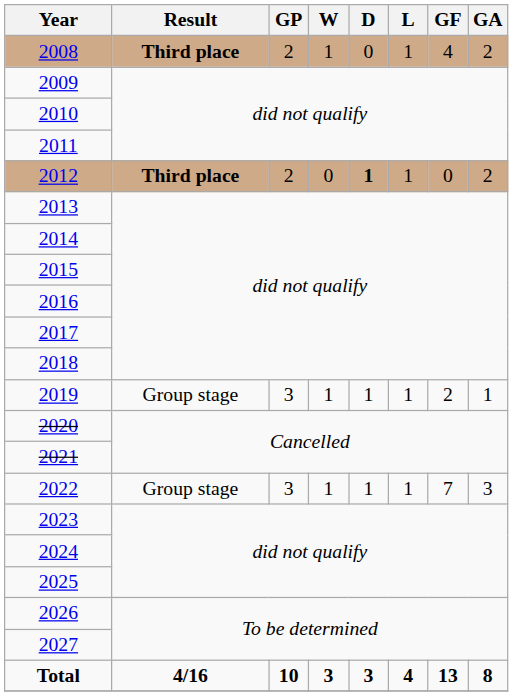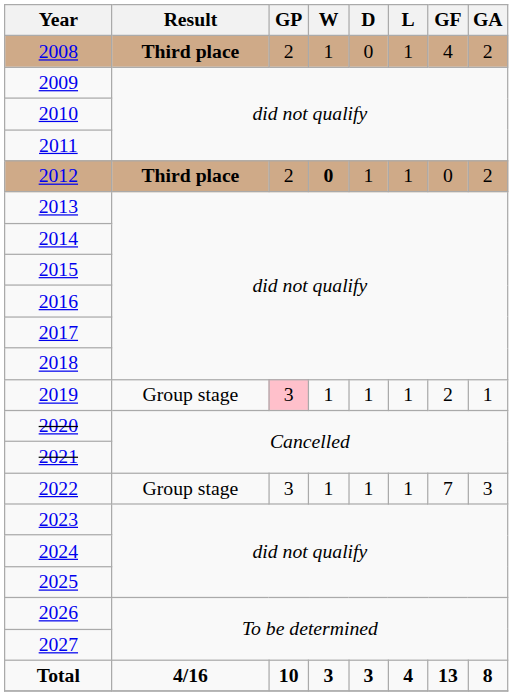 <table class="wikitable" style="text-align: center;">
 <tr>
 <th width=80>Year</th>
 <th width=120>Result</th>
 <th width=25>GP</th>
 <th width=25>W</th>
 <th width=25>D</th>
 <th width=25>L</th>
 <th width=25>GF</th>
 <th width=25>GA</th>
 </tr>
 <tr style="background:#cfaa88;">
 <td> <a href='#'>2008</a></td>
 <td><strong>Third place</strong></td>
 <td>2</td>
 <td>1</td>
 <td>0</td>
 <td>1</td>
 <td>4</td>
 <td>2</td>
 </tr>
 <tr>
 <td> <a href='#'>2009</a></td>
 <td colspan=8 rowspan=3><em>did not qualify</em></td>
 </tr>
 <tr>
 <td> <a href='#'>2010</a></td>
 </tr>
 <tr>
 <td> <a href='#'>2011</a></td>
 </tr>
 <tr style="background:#cfaa88;">
 <td> <a href='#'>2012</a></td>
 <td><strong>Third place</strong></td>
 <td>2</td>
-<td>0</td>
-<td><strong>1</strong></td>
+<td><strong>0</strong></td>
+<td>1</td>
 <td>1</td>
 <td>0</td>
 <td>2</td>
 </tr>
 <tr>
 <td> <a href='#'>2013</a></td>
 <td colspan=8 rowspan=6><em>did not qualify</em></td>
 </tr>
 <tr>
 <td> <a href='#'>2014</a></td>
 </tr>
 <tr>
 <td> <a href='#'>2015</a></td>
 </tr>
 <tr>
 <td> <a href='#'>2016</a></td>
 </tr>
 <tr>
 <td> <a href='#'>2017</a></td>
 </tr>
 <tr>
 <td> <a href='#'>2018</a></td>
 </tr>
 <tr>
 <td> <a href='#'>2019</a></td>
 <td>Group stage</td>
-<td>3</td>
+<td style="background: pink;">3</td>
 <td>1</td>
 <td>1</td>
 <td>1</td>
 <td>2</td>
 <td>1</td>
 </tr>
 <tr>
 <td> <s><a href='#'>2020</a></s></td>
 <td colspan=8 rowspan=2><em>Cancelled</em></td>
 </tr>
 <tr>
 <td> <s><a href='#'>2021</a></s></td>
 </tr>
 <tr>
 <td> <a href='#'>2022</a></td>
 <td>Group stage</td>
 <td>3</td>
 <td>1</td>
 <td>1</td>
 <td>1</td>
 <td>7</td>
 <td>3</td>
 </tr>
 <tr>
 <td> <a href='#'>2023</a></td>
 <td colspan=8 rowspan=3><em>did not qualify</em></td>
 </tr>
 <tr>
 <td> <a href='#'>2024</a></td>
 </tr>
 <tr>
 <td> <a href='#'>2025</a></td>
 </tr>
 <tr>
 <td> <a href='#'>2026</a></td>
 <td colspan=8 rowspan=2><em>To be determined</em></td>
 </tr>
 <tr>
 <td> <a href='#'>2027</a></td>
 </tr>
 <tr>
 <td><strong>Total</strong></td>
 <td><strong>4/16</strong></td>
 <td><strong>10</strong></td>
 <td><strong>3</strong></td>
 <td><strong>3</strong></td>
 <td><strong>4</strong></td>
 <td><strong>13</strong></td>
 <td><strong>8</strong></td>
 </tr>
 <tr>
 </tr>
 </table>
